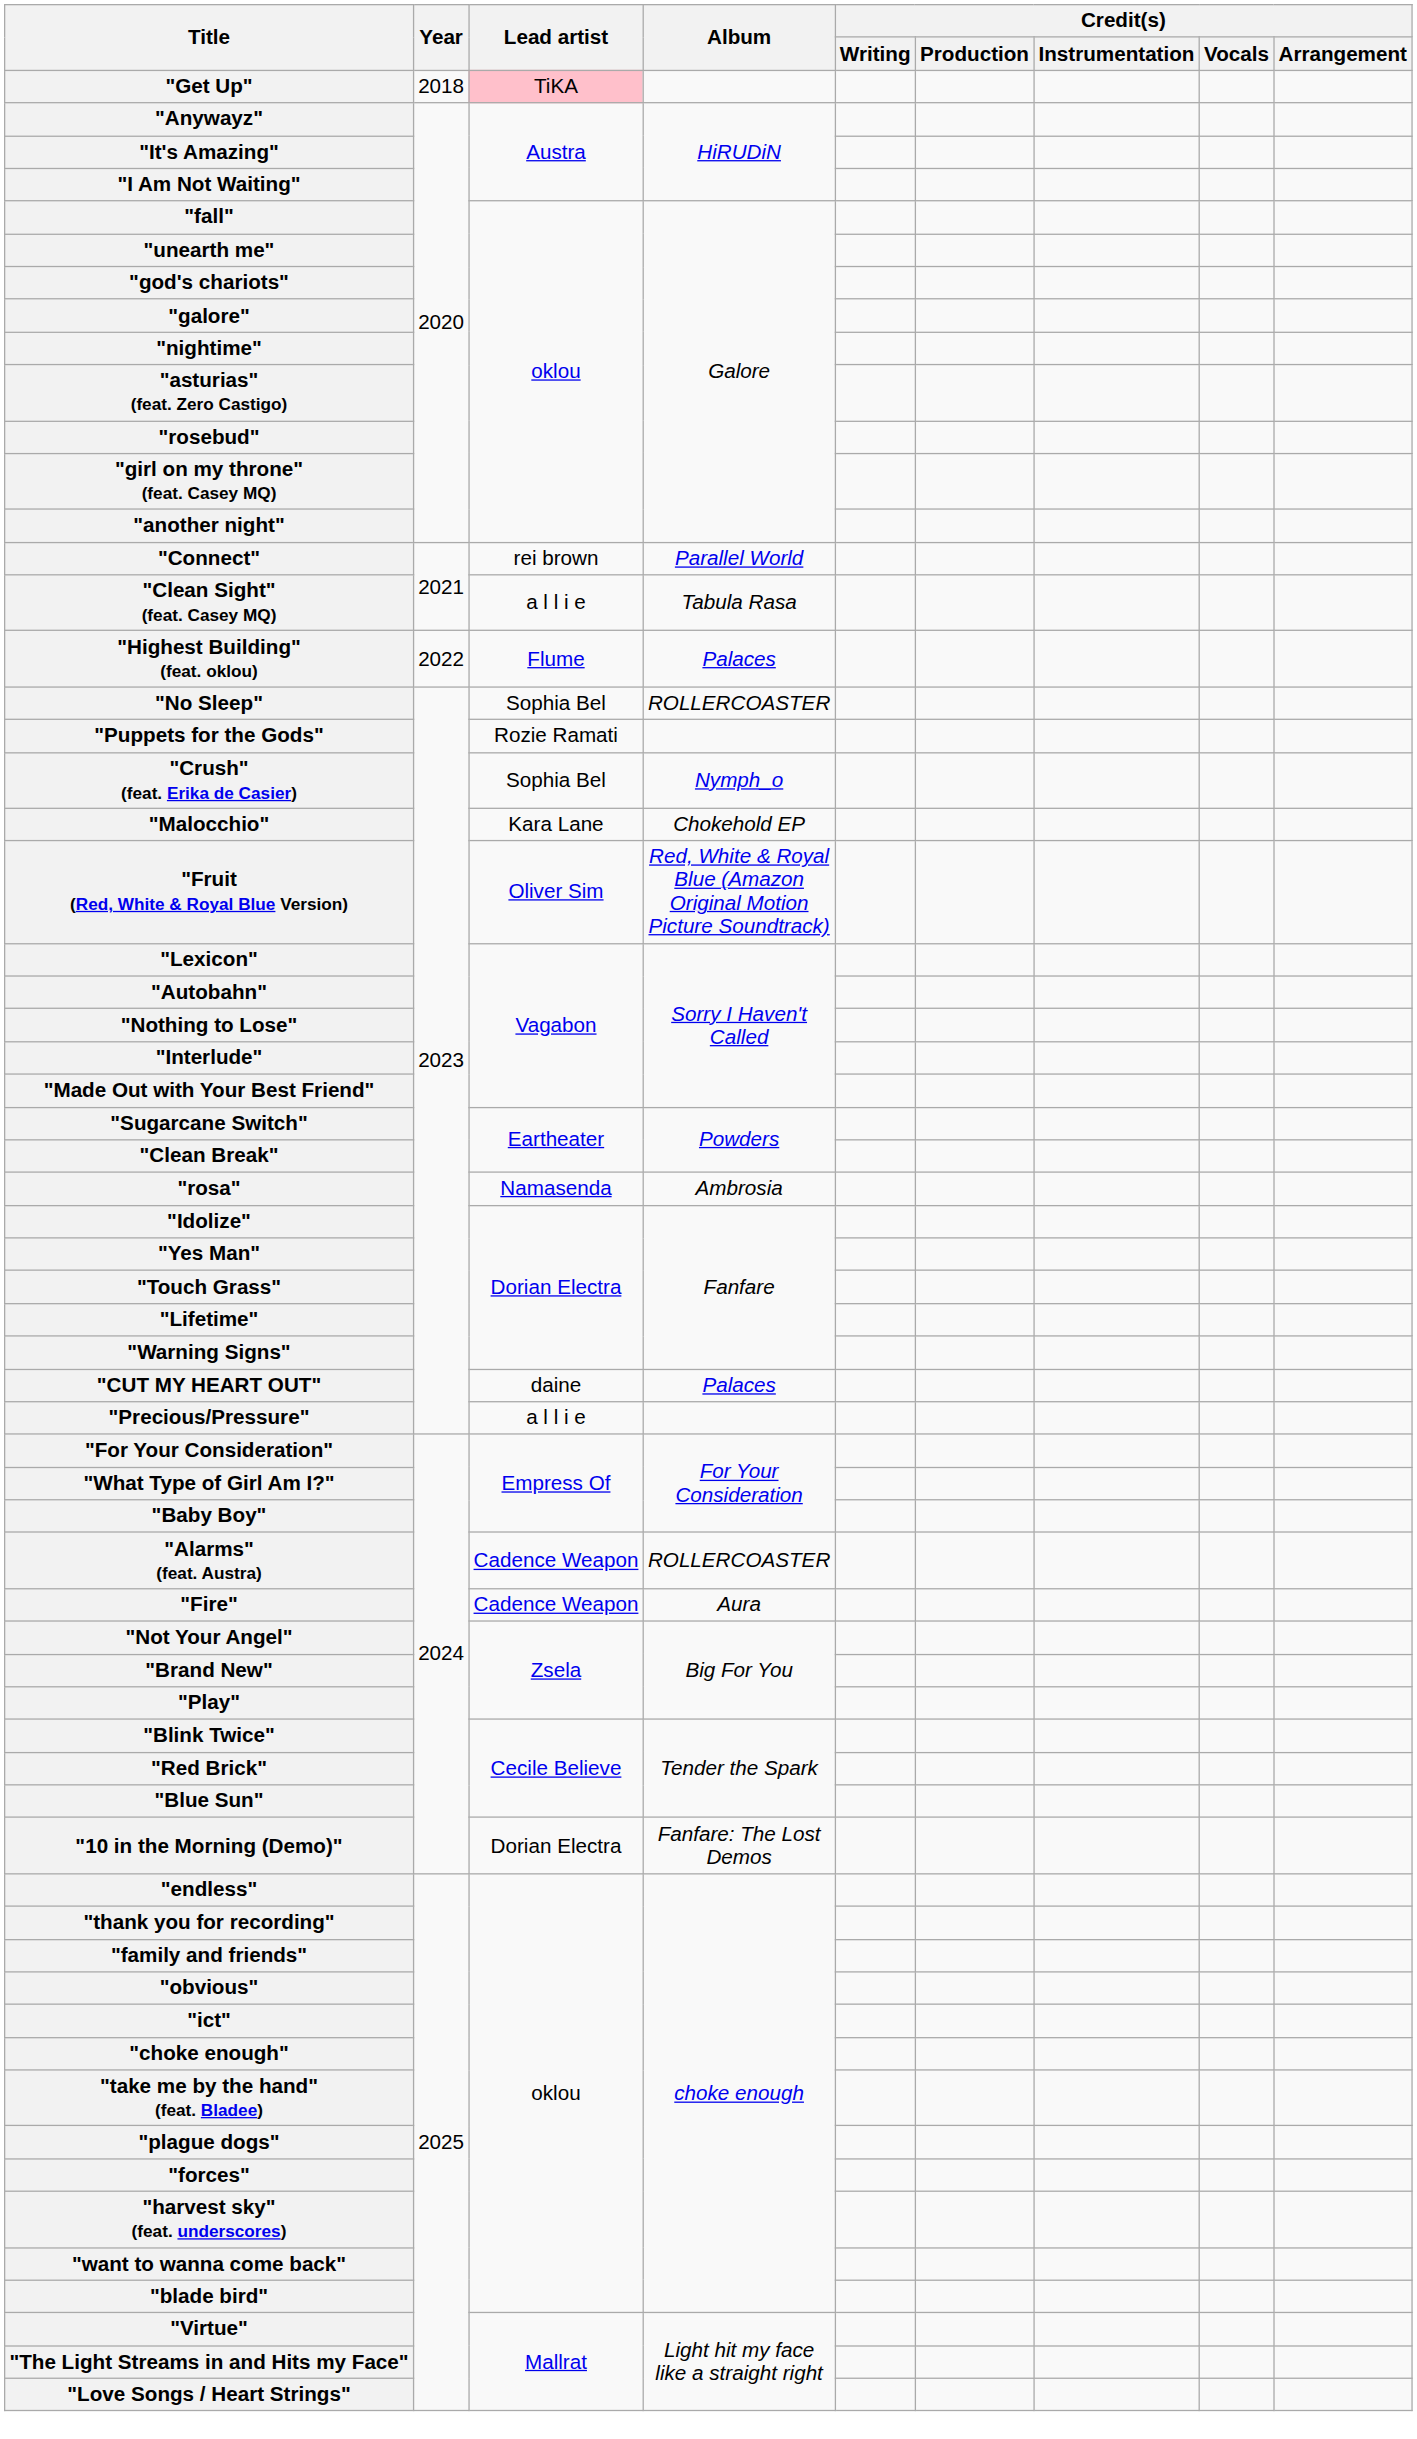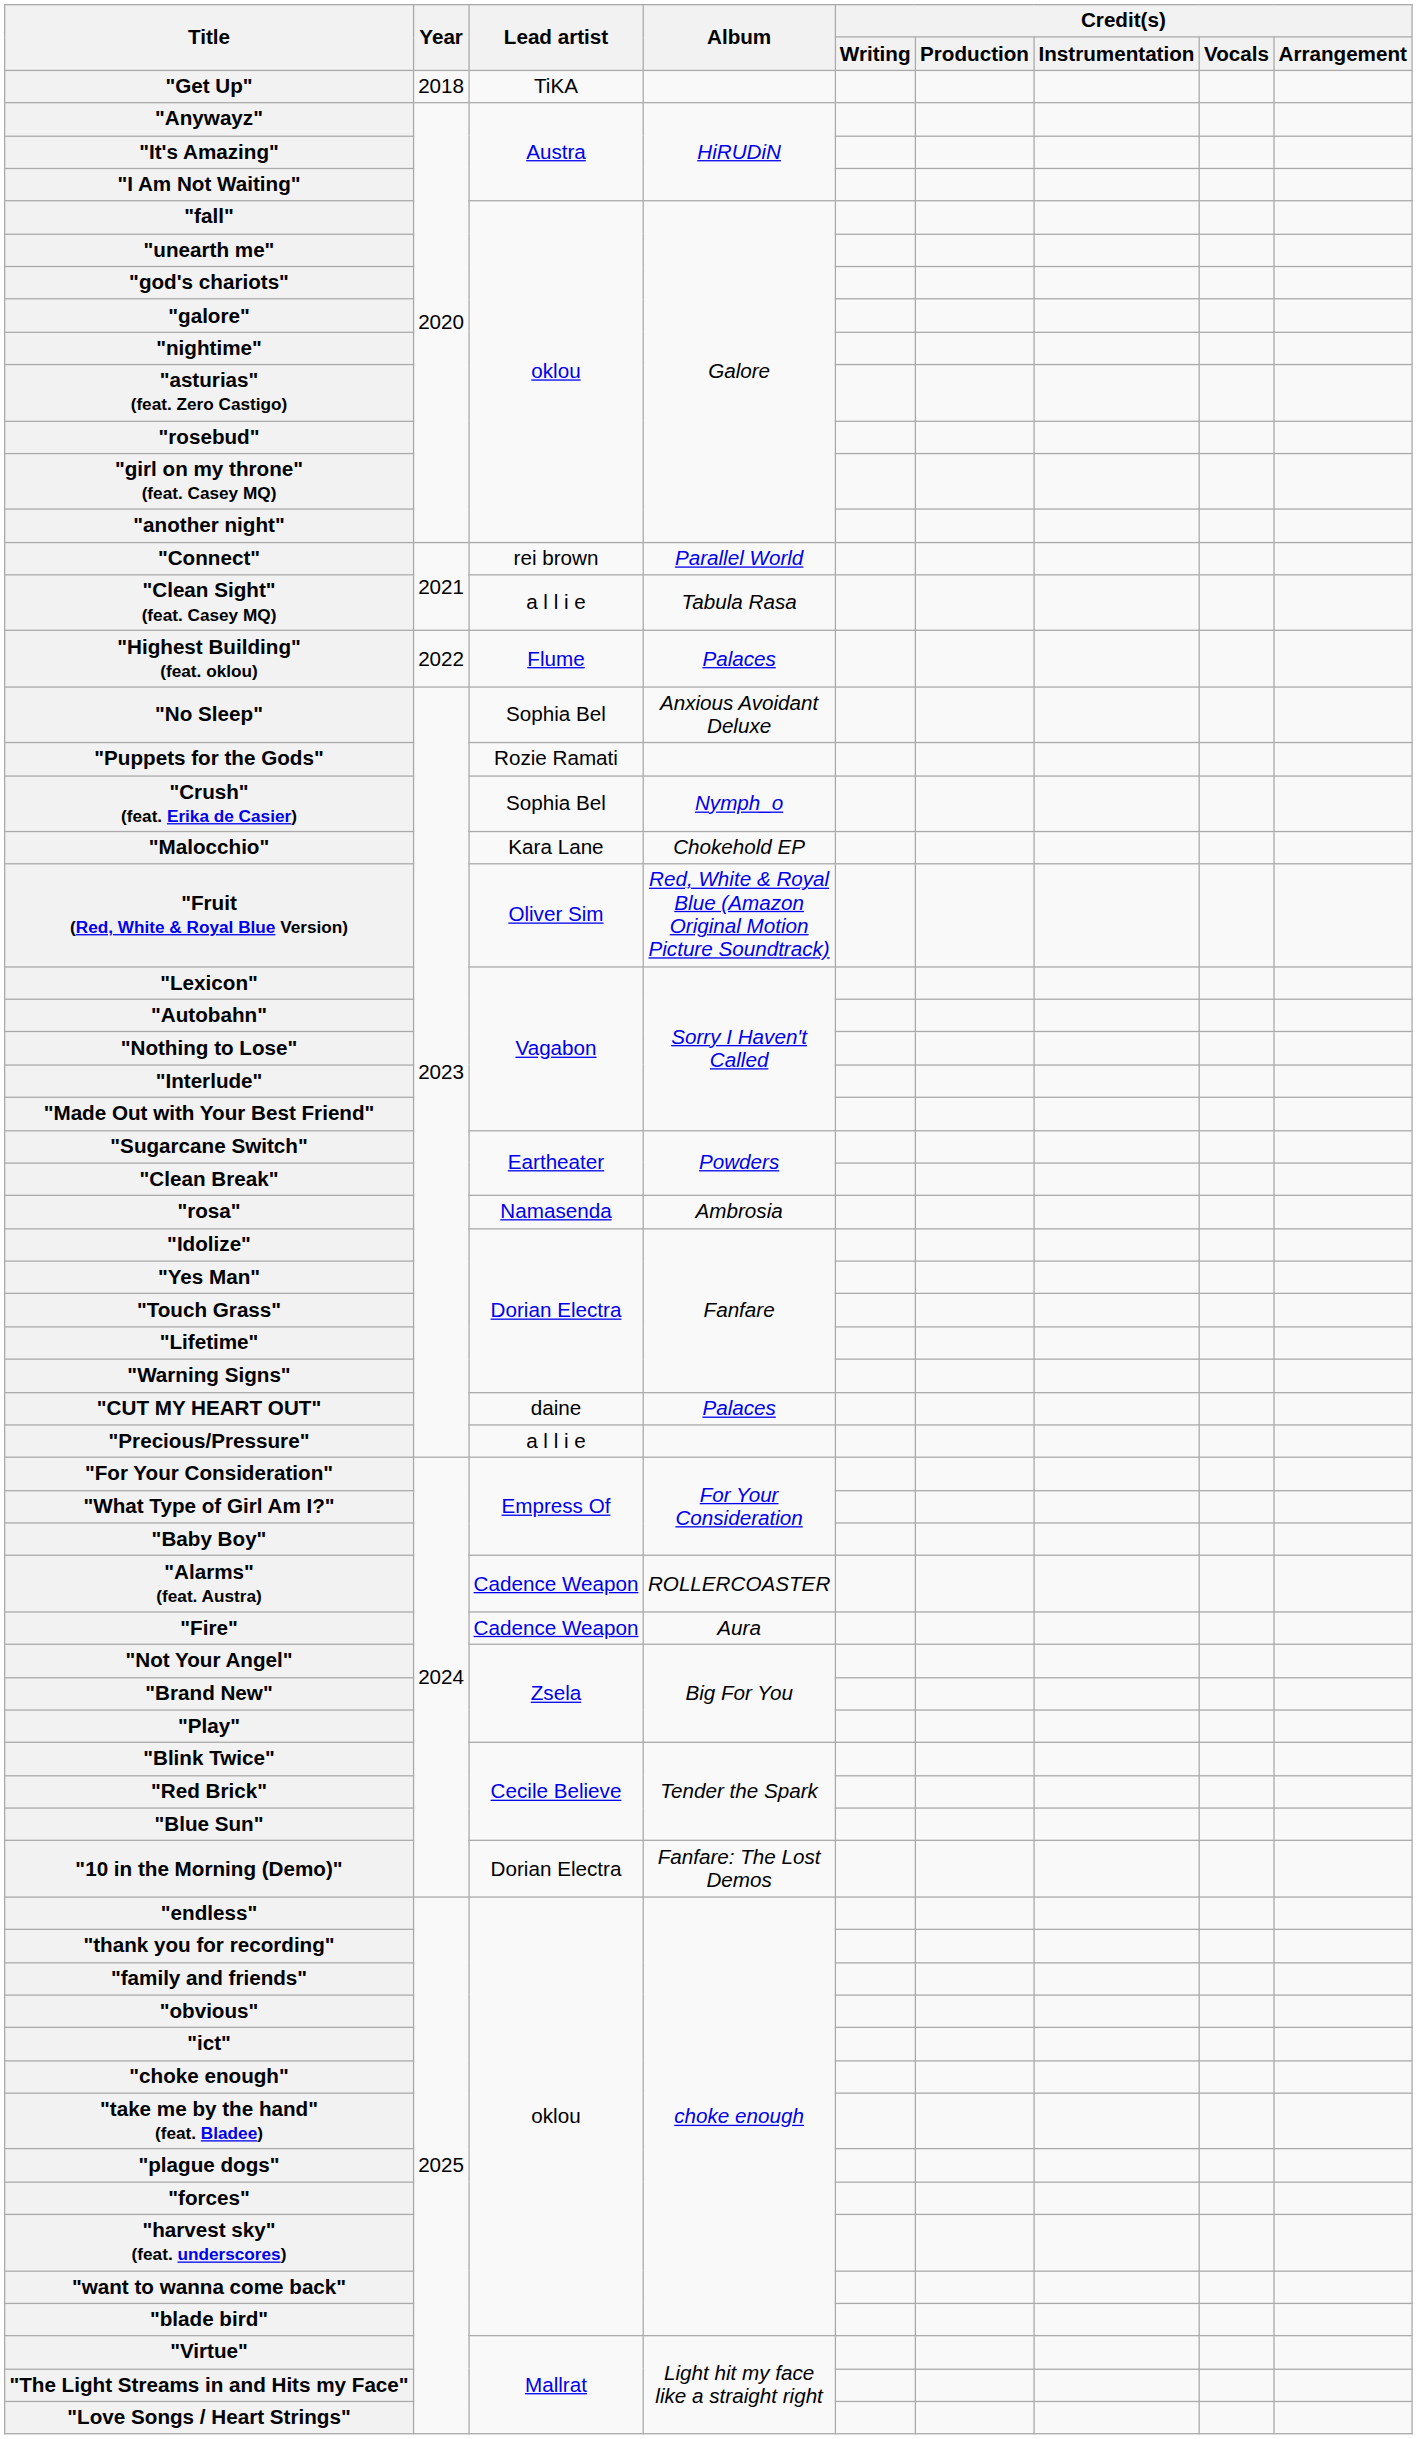 <table class="wikitable plainrowheaders" style="text-align:center;">
 <tr>
 <th rowspan="2" scope="col">Title</th>
 <th rowspan="2" scope="col">Year</th>
 <th rowspan="2" scope="col">Lead artist</th>
 <th rowspan="2" scope="col" width="110">Album</th>
 <th colspan="5" scope="col">Credit(s)</th>
 </tr>
 <tr>
 <th scope="col">Writing</th>
 <th scope="col">Production</th>
 <th scope="col">Instrumentation</th>
 <th scope="col">Vocals</th>
 <th scope="col">Arrangement</th>
 </tr>
 <tr>
 <th scope="row">"Get Up"</th>
 <td>2018</td>
-<td style="background: pink;">TiKA</td>
+<td>TiKA</td>
 <td></td>
 <td></td>
 <td></td>
 <td></td>
 <td></td>
 <td></td>
 </tr>
 <tr>
 <th scope="row">"Anywayz"</th>
 <td rowspan="12">2020</td>
 <td rowspan="3"><a href='#'>Austra</a></td>
 <td rowspan="3"><em><a href='#'>HiRUDiN</a></em></td>
 <td></td>
 <td></td>
 <td></td>
 <td></td>
 <td></td>
 </tr>
 <tr>
 <th scope="row">"It's Amazing"</th>
 <td></td>
 <td></td>
 <td></td>
 <td></td>
 <td></td>
 </tr>
 <tr>
 <th scope="row">"I Am Not Waiting"</th>
 <td></td>
 <td></td>
 <td></td>
 <td></td>
 <td></td>
 </tr>
 <tr>
 <th scope="row">"fall"</th>
 <td rowspan="9"><a href='#'>oklou</a></td>
 <td rowspan="9"><em>Galore</em></td>
 <td></td>
 <td></td>
 <td></td>
 <td></td>
 <td></td>
 </tr>
 <tr>
 <th scope="row">"unearth me"</th>
 <td></td>
 <td></td>
 <td></td>
 <td></td>
 <td></td>
 </tr>
 <tr>
 <th scope="row">"god's chariots"</th>
 <td></td>
 <td></td>
 <td></td>
 <td></td>
 <td></td>
 </tr>
 <tr>
 <th scope="row">"galore"</th>
 <td></td>
 <td></td>
 <td></td>
 <td></td>
 <td></td>
 </tr>
 <tr>
 <th scope="row">"nightime"</th>
 <td></td>
 <td></td>
 <td></td>
 <td></td>
 <td></td>
 </tr>
 <tr>
 <th scope="row">"asturias"<br><small>(feat. Zero Castigo)</small></th>
 <td></td>
 <td></td>
 <td></td>
 <td></td>
 <td></td>
 </tr>
 <tr>
 <th scope="row">"rosebud"</th>
 <td></td>
 <td></td>
 <td></td>
 <td></td>
 <td></td>
 </tr>
 <tr>
 <th scope="row">"girl on my throne"<br><small>(feat. Casey MQ)</small></th>
 <td></td>
 <td></td>
 <td></td>
 <td></td>
 <td></td>
 </tr>
 <tr>
 <th scope="row">"another night"</th>
 <td></td>
 <td></td>
 <td></td>
 <td></td>
 <td></td>
 </tr>
 <tr>
 <th scope="row">"Connect"</th>
 <td rowspan="2">2021</td>
 <td>rei brown</td>
 <td><em><a href='#'>Parallel World</a></em></td>
 <td></td>
 <td></td>
 <td></td>
 <td></td>
 <td></td>
 </tr>
 <tr>
 <th scope="row">"Clean Sight"<br><small>(feat. Casey MQ)</small></th>
 <td>a l l i e</td>
 <td><em>Tabula Rasa</em></td>
 <td></td>
 <td></td>
 <td></td>
 <td></td>
 <td></td>
 </tr>
 <tr>
 <th scope="row">"Highest Building"<br><small>(feat. oklou)</small></th>
 <td>2022</td>
 <td><a href='#'>Flume</a></td>
 <td><em><a href='#'>Palaces</a></em></td>
 <td></td>
 <td></td>
 <td></td>
 <td></td>
 <td></td>
 </tr>
 <tr>
 <th scope="row">"No Sleep"</th>
 <td rowspan="20">2023</td>
 <td>Sophia Bel</td>
-<td><em>ROLLERCOASTER</em></td>
+<td><em>Anxious Avoidant Deluxe</em></td>
 <td></td>
 <td></td>
 <td></td>
 <td></td>
 <td></td>
 </tr>
 <tr>
 <th scope="row">"Puppets for the Gods"</th>
 <td>Rozie Ramati</td>
 <td></td>
 <td></td>
 <td></td>
 <td></td>
 <td></td>
 <td></td>
 </tr>
 <tr>
 <th scope="row">"Crush"<br><small>(feat. <a href='#'>Erika de Casier</a>)</small></th>
 <td>Sophia Bel</td>
 <td><em><a href='#'>Nymph_o</a></em></td>
 <td></td>
 <td></td>
 <td></td>
 <td></td>
 <td></td>
 </tr>
 <tr>
 <th scope="row">"Malocchio"</th>
 <td>Kara Lane</td>
 <td><em>Chokehold EP</em></td>
 <td></td>
 <td></td>
 <td></td>
 <td></td>
 <td></td>
 </tr>
 <tr>
 <th scope="row">"Fruit<br><small>(<a href='#'>Red, White & Royal Blue</a> Version)</small></th>
 <td><a href='#'>Oliver Sim</a></td>
 <td><em><a href='#'>Red, White & Royal Blue (Amazon Original Motion Picture Soundtrack)</a></em></td>
 <td></td>
 <td></td>
 <td></td>
 <td></td>
 <td></td>
 </tr>
 <tr>
 <th scope="row">"Lexicon"</th>
 <td rowspan="5"><a href='#'>Vagabon</a></td>
 <td rowspan="5"><em><a href='#'>Sorry I Haven't Called</a></em></td>
 <td></td>
 <td></td>
 <td></td>
 <td></td>
 <td></td>
 </tr>
 <tr>
 <th scope="row">"Autobahn"</th>
 <td></td>
 <td></td>
 <td></td>
 <td></td>
 <td></td>
 </tr>
 <tr>
 <th scope="row">"Nothing to Lose"</th>
 <td></td>
 <td></td>
 <td></td>
 <td></td>
 <td></td>
 </tr>
 <tr>
 <th scope="row">"Interlude"</th>
 <td></td>
 <td></td>
 <td></td>
 <td></td>
 <td></td>
 </tr>
 <tr>
 <th scope="row">"Made Out with Your Best Friend"</th>
 <td></td>
 <td></td>
 <td></td>
 <td></td>
 <td></td>
 </tr>
 <tr>
 <th scope="row">"Sugarcane Switch"</th>
 <td rowspan="2"><a href='#'>Eartheater</a></td>
 <td rowspan="2"><em><a href='#'>Powders</a></em></td>
 <td></td>
 <td></td>
 <td></td>
 <td></td>
 <td></td>
 </tr>
 <tr>
 <th scope="row">"Clean Break"</th>
 <td></td>
 <td></td>
 <td></td>
 <td></td>
 <td></td>
 </tr>
 <tr>
 <th scope="row">"rosa"</th>
 <td><a href='#'>Namasenda</a></td>
 <td><em>Ambrosia</em></td>
 <td></td>
 <td></td>
 <td></td>
 <td></td>
 <td></td>
 </tr>
 <tr>
 <th scope="row">"Idolize"</th>
 <td rowspan="5"><a href='#'>Dorian Electra</a></td>
 <td rowspan="5"><em>Fanfare</em></td>
 <td></td>
 <td></td>
 <td></td>
 <td></td>
 <td></td>
 </tr>
 <tr>
 <th scope="row">"Yes Man"</th>
 <td></td>
 <td></td>
 <td></td>
 <td></td>
 <td></td>
 </tr>
 <tr>
 <th scope="row">"Touch Grass"</th>
 <td></td>
 <td></td>
 <td></td>
 <td></td>
 <td></td>
 </tr>
 <tr>
 <th scope="row">"Lifetime"</th>
 <td></td>
 <td></td>
 <td></td>
 <td></td>
 <td></td>
 </tr>
 <tr>
 <th scope="row">"Warning Signs"</th>
 <td></td>
 <td></td>
 <td></td>
 <td></td>
 <td></td>
 </tr>
 <tr>
 <th scope="row">"CUT MY HEART OUT"</th>
 <td>daine</td>
 <td><em><a href='#'>Palaces</a></em></td>
 <td></td>
 <td></td>
 <td></td>
 <td></td>
 <td></td>
 </tr>
 <tr>
 <th scope="row">"Precious/Pressure"</th>
 <td>a l l i e</td>
 <td></td>
 <td></td>
 <td></td>
 <td></td>
 <td></td>
 </tr>
 <tr>
 <th scope="row">"For Your Consideration"</th>
 <td rowspan="12">2024</td>
 <td rowspan="3"><a href='#'>Empress Of</a></td>
 <td rowspan="3"><em><a href='#'>For Your Consideration</a></em></td>
 <td></td>
 <td></td>
 <td></td>
 <td></td>
 <td></td>
 </tr>
 <tr>
 <th scope="row">"What Type of Girl Am I?"</th>
 <td></td>
 <td></td>
 <td></td>
 <td></td>
 <td></td>
 </tr>
 <tr>
 <th scope="row">"Baby Boy"</th>
 <td></td>
 <td></td>
 <td></td>
 <td></td>
 <td></td>
 </tr>
 <tr>
 <th scope="row">"Alarms"<br><small>(feat. Austra)</small></th>
 <td><a href='#'>Cadence Weapon</a></td>
 <td><em>ROLLERCOASTER</em></td>
 <td></td>
 <td></td>
 <td></td>
 <td></td>
 <td></td>
 </tr>
 <tr>
 <th scope="row">"Fire"</th>
 <td><a href='#'>Cadence Weapon</a></td>
 <td><em>Aura</em></td>
 <td></td>
 <td></td>
 <td></td>
 <td></td>
 <td></td>
 </tr>
 <tr>
 <th scope="row">"Not Your Angel"</th>
 <td rowspan="3"><a href='#'>Zsela</a></td>
 <td rowspan="3"><em>Big For You</em></td>
 <td></td>
 <td></td>
 <td></td>
 <td></td>
 <td></td>
 </tr>
 <tr>
 <th scope="row">"Brand New"</th>
 <td></td>
 <td></td>
 <td></td>
 <td></td>
 <td></td>
 </tr>
 <tr>
 <th scope="row">"Play"</th>
 <td></td>
 <td></td>
 <td></td>
 <td></td>
 <td></td>
 </tr>
 <tr>
 <th scope="row">"Blink Twice"</th>
 <td rowspan="3"><a href='#'>Cecile Believe</a></td>
 <td rowspan="3"><em>Tender the Spark</em></td>
 <td></td>
 <td></td>
 <td></td>
 <td></td>
 <td></td>
 </tr>
 <tr>
 <th scope="row">"Red Brick"</th>
 <td></td>
 <td></td>
 <td></td>
 <td></td>
 <td></td>
 </tr>
 <tr>
 <th scope="row">"Blue Sun"</th>
 <td></td>
 <td></td>
 <td></td>
 <td></td>
 <td></td>
 </tr>
 <tr>
 <th scope="row">"10 in the Morning (Demo)"</th>
 <td>Dorian Electra</td>
 <td><em>Fanfare: The Lost Demos</em></td>
 <td></td>
 <td></td>
 <td></td>
 <td></td>
 <td></td>
 </tr>
 <tr>
 <th scope="row">"endless"</th>
 <td rowspan="15">2025</td>
 <td rowspan="12">oklou</td>
 <td rowspan="12"><em><a href='#'>choke enough</a></em></td>
 <td></td>
 <td></td>
 <td></td>
 <td></td>
 <td></td>
 </tr>
 <tr>
 <th scope="row">"thank you for recording"</th>
 <td></td>
 <td></td>
 <td></td>
 <td></td>
 <td></td>
 </tr>
 <tr>
 <th scope="row">"family and friends"</th>
 <td></td>
 <td></td>
 <td></td>
 <td></td>
 <td></td>
 </tr>
 <tr>
 <th scope="row">"obvious"</th>
 <td></td>
 <td></td>
 <td></td>
 <td></td>
 <td></td>
 </tr>
 <tr>
 <th scope="row">"ict"</th>
 <td></td>
 <td></td>
 <td></td>
 <td></td>
 <td></td>
 </tr>
 <tr>
 <th scope="row">"choke enough"</th>
 <td></td>
 <td></td>
 <td></td>
 <td></td>
 <td></td>
 </tr>
 <tr>
 <th scope="row">"take me by the hand"<br><small>(feat. <a href='#'>Bladee</a>)</small></th>
 <td></td>
 <td></td>
 <td></td>
 <td></td>
 <td></td>
 </tr>
 <tr>
 <th scope="row">"plague dogs"</th>
 <td></td>
 <td></td>
 <td></td>
 <td></td>
 <td></td>
 </tr>
 <tr>
 <th scope="row">"forces"</th>
 <td></td>
 <td></td>
 <td></td>
 <td></td>
 <td></td>
 </tr>
 <tr>
 <th scope="row">"harvest sky"<br><small>(feat. <a href='#'>underscores</a>)</small></th>
 <td></td>
 <td></td>
 <td></td>
 <td></td>
 <td></td>
 </tr>
 <tr>
 <th scope="row">"want to wanna come back"</th>
 <td></td>
 <td></td>
 <td></td>
 <td></td>
 <td></td>
 </tr>
 <tr>
 <th scope="row">"blade bird"</th>
 <td></td>
 <td></td>
 <td></td>
 <td></td>
 <td></td>
 </tr>
 <tr>
 <th scope="row">"Virtue"</th>
 <td rowspan="3"><a href='#'>Mallrat</a></td>
 <td rowspan="3"><em>Light hit my face like a straight right</em></td>
 <td></td>
 <td></td>
 <td></td>
 <td></td>
 <td></td>
 </tr>
 <tr>
 <th scope="row">"The Light Streams in and Hits my Face"</th>
 <td></td>
 <td></td>
 <td></td>
 <td></td>
 <td></td>
 </tr>
 <tr>
 <th scope="row">"Love Songs / Heart Strings"</th>
 <td></td>
 <td></td>
 <td></td>
 <td></td>
 <td></td>
 </tr>
 </table>
